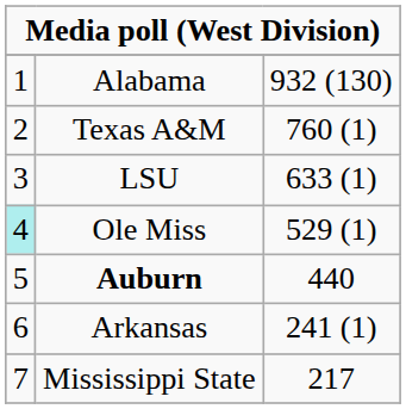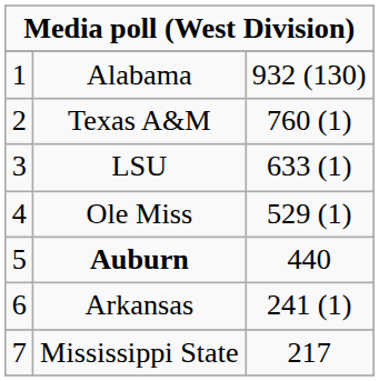 <table class="wikitable" style="display: inline-table;">
 <tr>
 <td align="center" Colspan="3"><strong>Media poll (West Division)</strong></td>
 </tr>
 <tr align="center">
 </tr>
 <tr align="center">
 <td>1</td>
 <td>Alabama</td>
 <td>932 (130)</td>
 </tr>
 <tr align="center">
 <td>2</td>
 <td>Texas A&M</td>
 <td>760 (1)</td>
 </tr>
 <tr align="center">
 <td>3</td>
 <td>LSU</td>
 <td>633 (1)</td>
 </tr>
 <tr align="center">
-<td style="background: paleturquoise;">4</td>
+<td>4</td>
 <td>Ole Miss</td>
 <td>529 (1)</td>
 </tr>
 <tr align="center">
 <td>5</td>
 <td><strong>Auburn</strong></td>
 <td>440</td>
 </tr>
 <tr align="center">
 <td>6</td>
 <td>Arkansas</td>
 <td>241 (1)</td>
 </tr>
 <tr align="center">
 <td>7</td>
 <td>Mississippi State</td>
 <td>217</td>
 </tr>
 </table>
